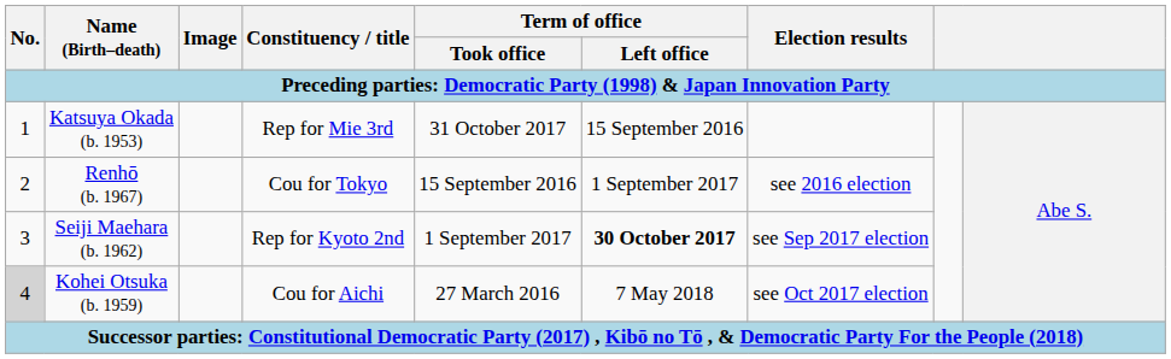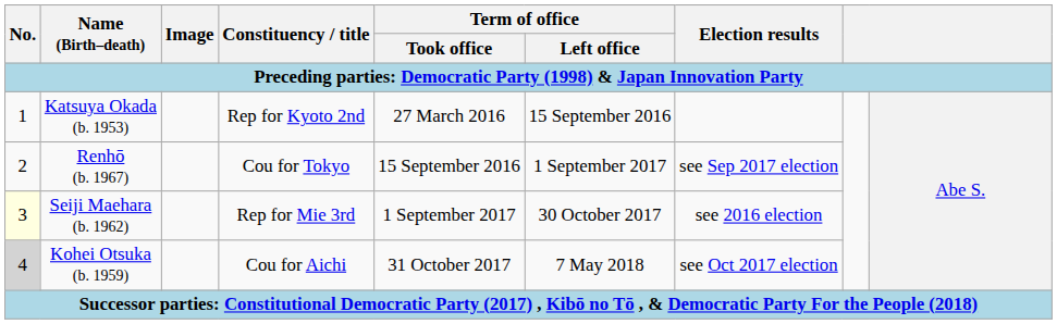 <table class="wikitable" style="text-align:center">
 <tr>
 <th rowspan=2>No.</th>
 <th rowspan=2>Name<br><small>(Birth–death)</small></th>
 <th rowspan=2>Image</th>
 <th rowspan=2>Constituency / title</th>
 <th colspan=2>Term of office</th>
 <th rowspan=2>Election results</th>
 <th colspan="2" style="width:20%;" rowspan="2"><a href='#'></a> </th>
 </tr>
 <tr>
 <th>Took office</th>
 <th>Left office</th>
 </tr>
 <tr>
 <td style="background:lightblue;" colspan="9"><strong>Preceding parties: <a href='#'>Democratic Party (1998)</a> & <a href='#'>Japan Innovation Party</a> </strong></td>
 </tr>
 <tr>
 <td>1</td>
 <td><a href='#'>Katsuya Okada</a><br><small>(b. 1953)</small></td>
 <td></td>
-<td>Rep for <a href='#'>Mie 3rd</a></td>
-<td>31 October 2017</td>
+<td>Rep for <a href='#'>Kyoto 2nd</a></td>
+<td>27 March 2016</td>
 <td>15 September 2016</td>
 <td align=left></td>
 <td rowspan="4" style="background-color: "></td>
 <th rowspan="4" style="font-weight:normal"><a href='#'>Abe S.</a> <small></small></th>
 </tr>
 <tr>
 <td>2</td>
 <td><a href='#'>Renhō</a><br><small>(b. 1967)</small></td>
 <td></td>
 <td>Cou for <a href='#'>Tokyo</a></td>
 <td>15 September 2016</td>
 <td>1 September 2017</td>
-<td>see <a href='#'>2016 election</a></td>
+<td>see <a href='#'>Sep 2017 election</a></td>
 </tr>
 <tr>
-<td>3</td>
+<td style="background: lightyellow;">3</td>
 <td><a href='#'>Seiji Maehara</a><br><small>(b. 1962)</small></td>
 <td></td>
-<td>Rep for <a href='#'>Kyoto 2nd</a></td>
+<td>Rep for <a href='#'>Mie 3rd</a></td>
 <td>1 September 2017</td>
-<td><strong>30 October 2017</strong></td>
-<td>see <a href='#'>Sep 2017 election</a></td>
+<td>30 October 2017</td>
+<td>see <a href='#'>2016 election</a></td>
 </tr>
 <tr>
 <td style="background: lightgrey;">4</td>
 <td><a href='#'>Kohei Otsuka</a><br><small>(b. 1959)</small></td>
 <td></td>
 <td>Cou for <a href='#'>Aichi</a></td>
-<td>27 March 2016</td>
+<td>31 October 2017</td>
 <td>7 May 2018</td>
 <td>see <a href='#'>Oct 2017 election</a></td>
 </tr>
 <tr>
 <td style="background:lightblue;" colspan="9"><strong>Successor parties: <a href='#'>Constitutional Democratic Party (2017)</a> , <a href='#'>Kibō no Tō</a> , & <a href='#'>Democratic Party For the People (2018)</a> </strong></td>
 </tr>
 </table>
